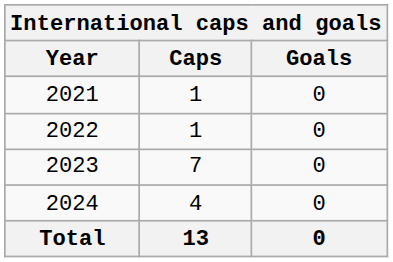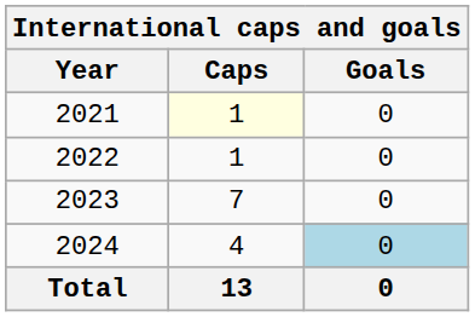 <table class="wikitable sortable" style="text-align:center">
 <tr>
 <th colspan="3">International caps and goals</th>
 </tr>
 <tr>
 <th>Year</th>
 <th>Caps</th>
 <th>Goals</th>
 </tr>
 <tr>
 <td>2021</td>
-<td>1</td>
+<td style="background: lightyellow;">1</td>
 <td>0</td>
 </tr>
 <tr>
 <td>2022</td>
 <td>1</td>
 <td>0</td>
 </tr>
 <tr>
 <td>2023</td>
 <td>7</td>
 <td>0</td>
 </tr>
 <tr>
 <td>2024</td>
 <td>4</td>
-<td>0</td>
+<td style="background: lightblue;">0</td>
 </tr>
 <tr>
 <th>Total</th>
 <th>13</th>
 <th>0</th>
 </tr>
 </table>
